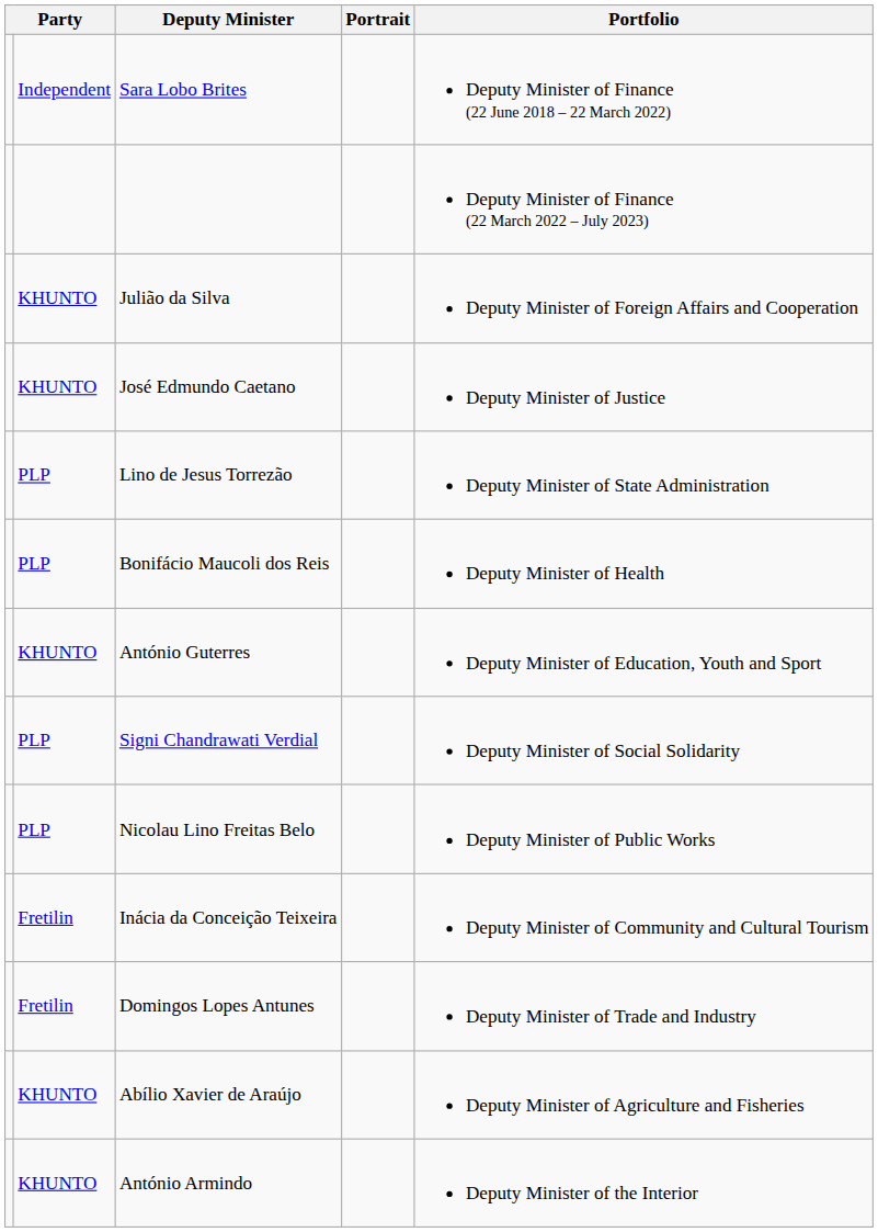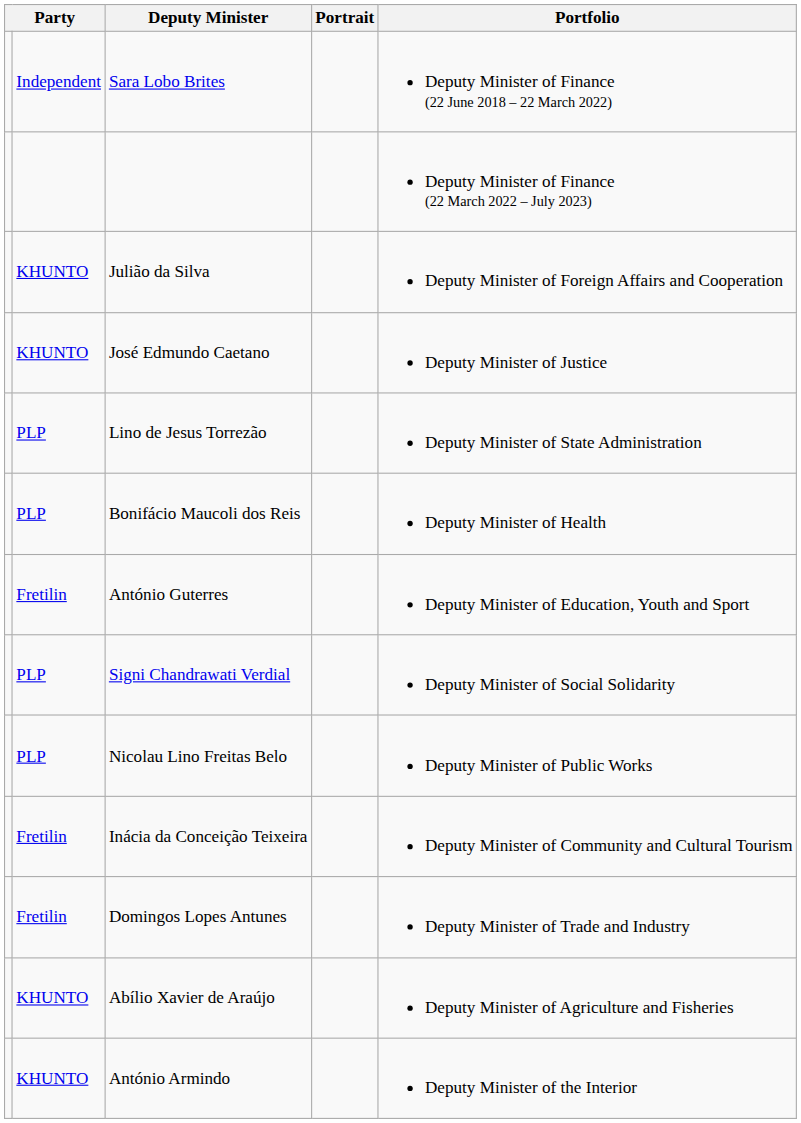 <table class="wikitable sortable">
 <tr>
 <th colspan="2">Party</th>
 <th>Deputy Minister</th>
 <th>Portrait</th>
 <th>Portfolio</th>
 </tr>
 <tr>
 <td style="background:"></td>
 <td><a href='#'>Independent</a></td>
 <td><a href='#'>Sara Lobo Brites</a></td>
 <td></td>
 <td><br><ul><li>Deputy Minister of Finance<br><small>(22 June 2018 – 22 March 2022)</small></li></ul></td>
 </tr>
 <tr>
 <td></td>
 <td></td>
 <td></td>
 <td></td>
 <td><br><ul><li>Deputy Minister of Finance<br><small>(22 March 2022 – July 2023)</small></li></ul></td>
 </tr>
 <tr>
 <td style="background:"></td>
 <td><a href='#'>KHUNTO</a></td>
 <td>Julião da Silva</td>
 <td></td>
 <td><br><ul><li>Deputy Minister of Foreign Affairs and Cooperation</li></ul></td>
 </tr>
 <tr>
 <td style="background:"></td>
 <td><a href='#'>KHUNTO</a></td>
 <td>José Edmundo Caetano</td>
 <td></td>
 <td><br><ul><li>Deputy Minister of Justice</li></ul></td>
 </tr>
 <tr>
 <td style="background:"></td>
 <td><a href='#'>PLP</a></td>
 <td>Lino de Jesus Torrezão</td>
 <td></td>
 <td><br><ul><li>Deputy Minister of State Administration</li></ul></td>
 </tr>
 <tr>
 <td style="background:"></td>
 <td><a href='#'>PLP</a></td>
 <td>Bonifácio Maucoli dos Reis</td>
 <td></td>
 <td><br><ul><li>Deputy Minister of Health</li></ul></td>
 </tr>
 <tr>
 <td style="background:"></td>
-<td><a href='#'>KHUNTO</a></td>
+<td><a href='#'>Fretilin</a></td>
 <td>António Guterres</td>
 <td></td>
 <td><br><ul><li>Deputy Minister of Education, Youth and Sport</li></ul></td>
 </tr>
 <tr>
 <td style="background:"></td>
 <td><a href='#'>PLP</a></td>
 <td><a href='#'>Signi Chandrawati Verdial</a></td>
 <td></td>
 <td><br><ul><li>Deputy Minister of Social Solidarity</li></ul></td>
 </tr>
 <tr>
 <td style="background:"></td>
 <td><a href='#'>PLP</a></td>
 <td>Nicolau Lino Freitas Belo</td>
 <td></td>
 <td><br><ul><li>Deputy Minister of Public Works</li></ul></td>
 </tr>
 <tr>
 <td style="background:"></td>
 <td><a href='#'>Fretilin</a></td>
 <td>Inácia da Conceição Teixeira</td>
 <td></td>
 <td><br><ul><li>Deputy Minister of Community and Cultural Tourism</li></ul></td>
 </tr>
 <tr>
 <td style="background:"></td>
 <td><a href='#'>Fretilin</a></td>
 <td>Domingos Lopes Antunes</td>
 <td></td>
 <td><br><ul><li>Deputy Minister of Trade and Industry</li></ul></td>
 </tr>
 <tr>
 <td style="background:"></td>
 <td><a href='#'>KHUNTO</a></td>
 <td>Abílio Xavier de Araújo</td>
 <td></td>
 <td><br><ul><li>Deputy Minister of Agriculture and Fisheries</li></ul></td>
 </tr>
 <tr>
 <td style="background:"></td>
 <td><a href='#'>KHUNTO</a></td>
 <td>António Armindo</td>
 <td></td>
 <td><br><ul><li>Deputy Minister of the Interior</li></ul></td>
 </tr>
 </table>
